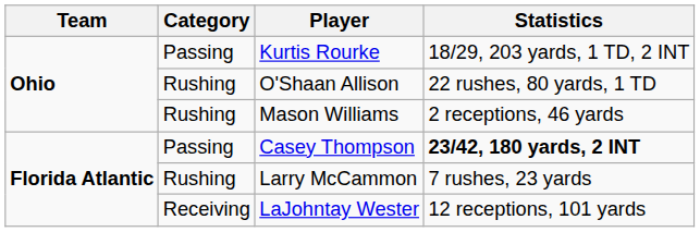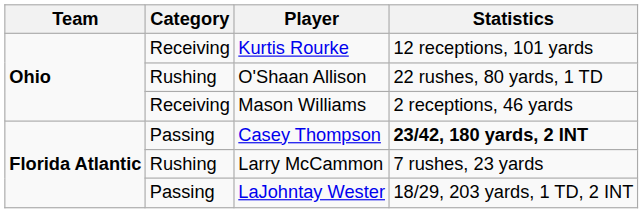 <table class="wikitable" style="float: right;">
 <tr>
 <th>Team</th>
 <th>Category</th>
 <th>Player</th>
 <th>Statistics</th>
 </tr>
 <tr>
 <td rowspan=3><strong>Ohio</strong></td>
-<td>Passing</td>
+<td>Receiving</td>
 <td><a href='#'>Kurtis Rourke</a></td>
-<td>18/29, 203 yards, 1 TD, 2 INT</td>
+<td>12 receptions, 101 yards</td>
 </tr>
 <tr>
 <td>Rushing</td>
 <td>O'Shaan Allison</td>
 <td>22 rushes, 80 yards, 1 TD</td>
 </tr>
 <tr>
-<td>Rushing</td>
+<td>Receiving</td>
 <td>Mason Williams</td>
 <td>2 receptions, 46 yards</td>
 </tr>
 <tr>
 <td rowspan=3><strong>Florida Atlantic</strong></td>
 <td>Passing</td>
 <td><a href='#'>Casey Thompson</a></td>
 <td><strong>23/42, 180 yards, 2 INT</strong></td>
 </tr>
 <tr>
 <td>Rushing</td>
 <td>Larry McCammon</td>
 <td>7 rushes, 23 yards</td>
 </tr>
 <tr>
-<td>Receiving</td>
+<td>Passing</td>
 <td><a href='#'>LaJohntay Wester</a></td>
-<td>12 receptions, 101 yards</td>
+<td>18/29, 203 yards, 1 TD, 2 INT</td>
 </tr>
 </table>
